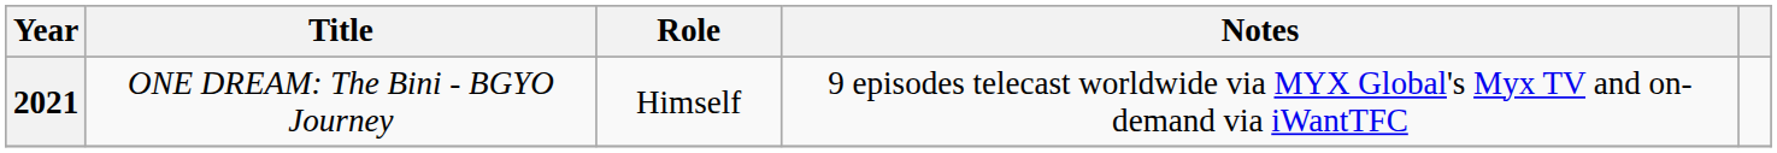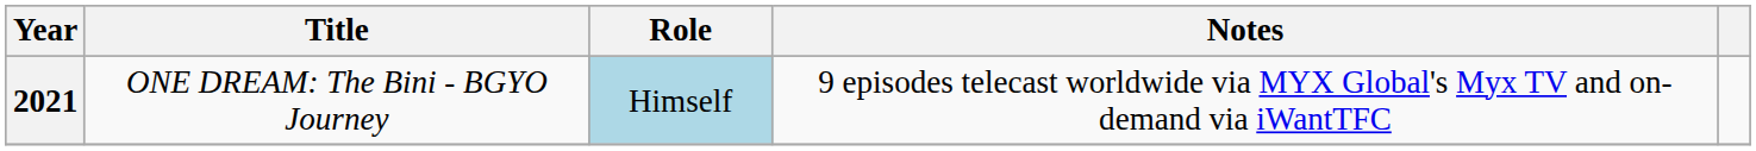 <table class="wikitable sortable plainrowheaders" style="text-align:center;">
 <tr>
 <th style="width:1em;" scope="col">Year</th>
 <th style="width:25em;" scope="col">Title</th>
 <th style="width:7em;" scope="col">Role</th>
 <th style="width:50em;" scope="col">Notes</th>
 <th style="width:1em;" scope="col"></th>
 </tr>
 <tr>
 <th style="text-align:center" scope="row"><strong>2021</strong></th>
 <td><em>ONE DREAM: The Bini - BGYO Journey</em></td>
-<td style="text-align:center;" rowspan="1">Himself</td>
+<td style="background: lightblue; text-align:center;" rowspan="1">Himself</td>
 <td>9 episodes telecast worldwide via <a href='#'>MYX Global</a>'s <a href='#'>Myx TV</a> and on-demand via <a href='#'>iWantTFC</a></td>
 <td style="text-align:center"></td>
 </tr>
 <tr>
 </tr>
 </table>
